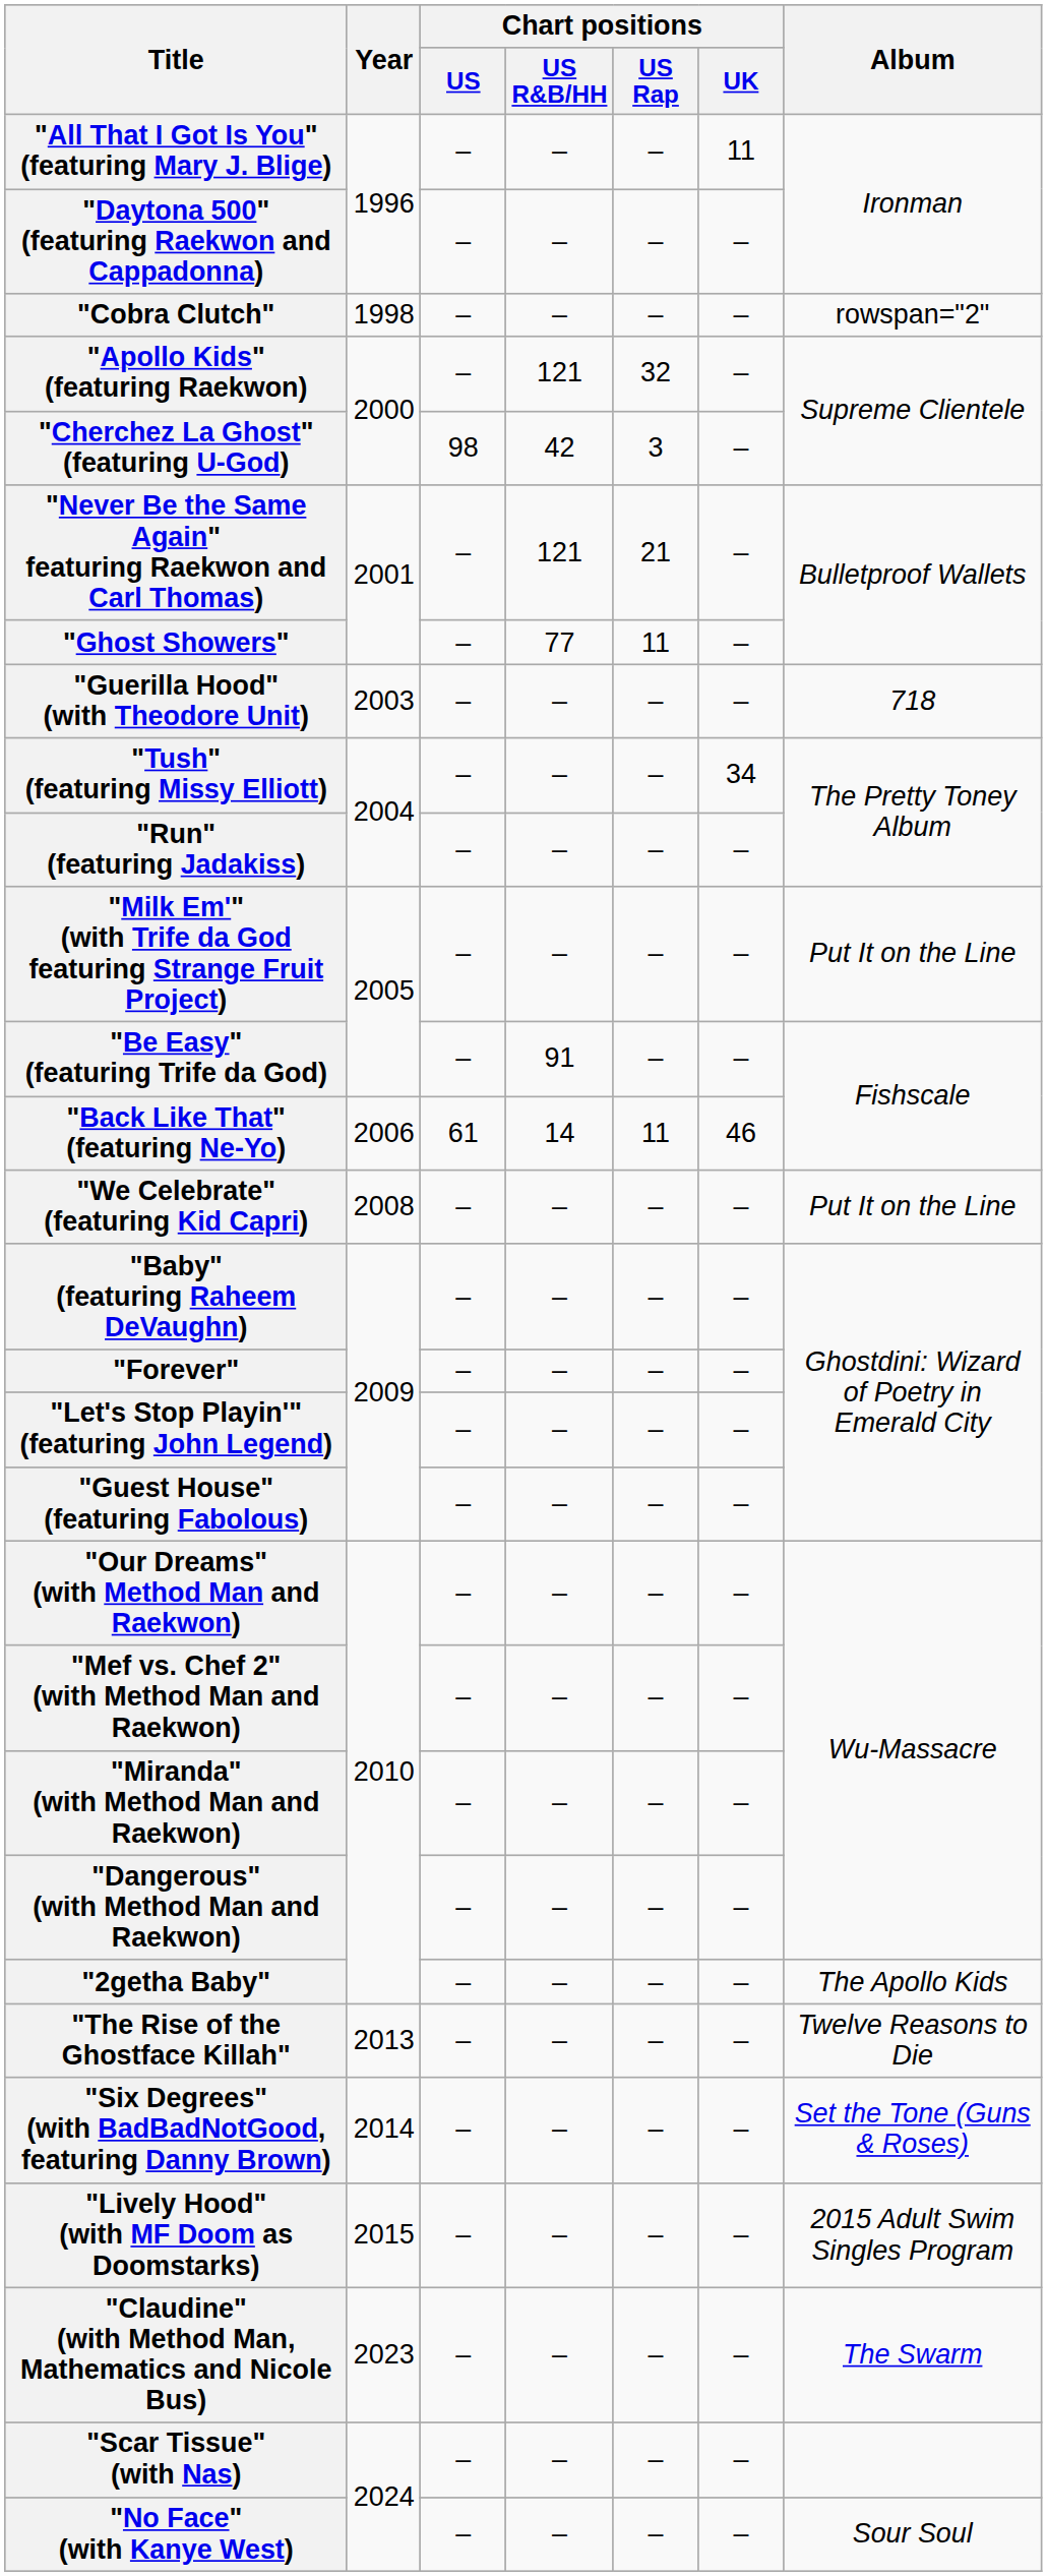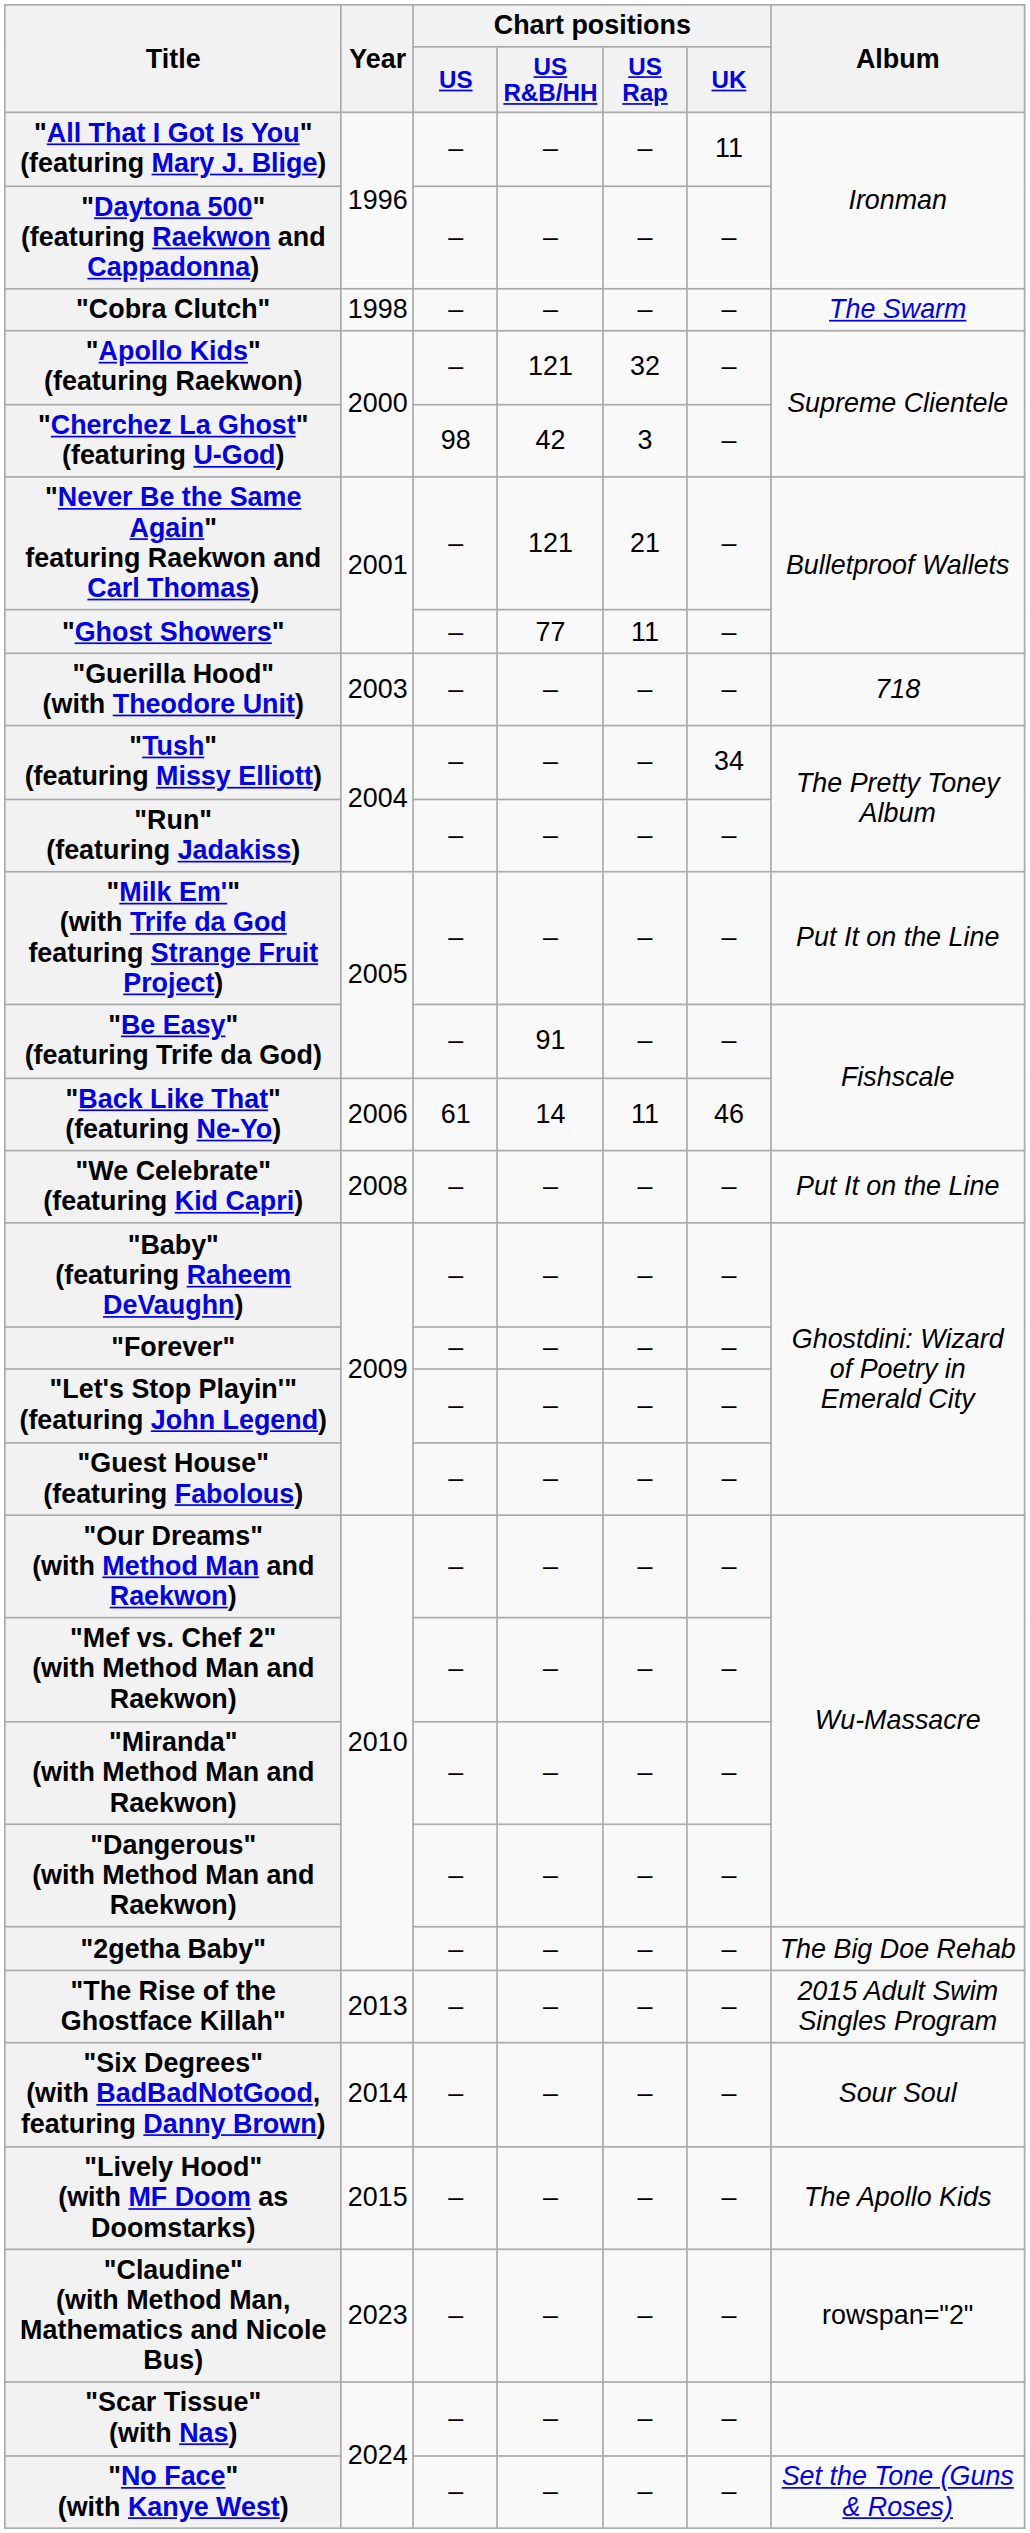 <table class="wikitable plainrowheaders" style="text-align:center">
 <tr>
 <th scope="col" rowspan="2">Title</th>
 <th scope="col" rowspan="2">Year</th>
 <th scope="col" colspan="4">Chart positions</th>
 <th scope="col" rowspan="2">Album</th>
 </tr>
 <tr>
 <th scope="col" style="width:3em;font-size:90%"><a href='#'>US</a><br></th>
 <th scope="col" style="width:3em;font-size:90%"><a href='#'>US R&B/HH</a><br></th>
 <th scope="col" style="width:3em;font-size:90%"><a href='#'>US Rap</a><br></th>
 <th scope="col" style="width:3em;font-size:90%"><a href='#'>UK</a><br></th>
 </tr>
 <tr>
 <th scope="row">"<a href='#'>All That I Got Is You</a>" <br><span>(featuring <a href='#'>Mary J. Blige</a>)</span></th>
 <td rowspan="2">1996</td>
 <td>–</td>
 <td>–</td>
 <td>–</td>
 <td>11</td>
 <td rowspan="2"><em>Ironman</em></td>
 </tr>
 <tr>
 <th scope="row">"<a href='#'>Daytona 500</a>" <br><span>(featuring <a href='#'>Raekwon</a> and <a href='#'>Cappadonna</a>)</span></th>
 <td>–</td>
 <td>–</td>
 <td>–</td>
 <td>–</td>
 </tr>
 <tr>
 <th scope="row">"Cobra Clutch"</th>
 <td>1998</td>
 <td>–</td>
 <td>–</td>
 <td>–</td>
 <td>–</td>
-<td>rowspan="2" </td>
+<td><em><a href='#'>The Swarm</a></em></td>
 </tr>
 <tr>
 <th scope="row">"<a href='#'>Apollo Kids</a>" <br><span>(featuring Raekwon)</span></th>
 <td rowspan="2">2000</td>
 <td>–</td>
 <td>121</td>
 <td>32</td>
 <td>–</td>
 <td rowspan="2"><em>Supreme Clientele</em></td>
 </tr>
 <tr>
 <th scope="row">"<a href='#'>Cherchez La Ghost</a>" <br><span>(featuring <a href='#'>U-God</a>)</span></th>
 <td>98</td>
 <td>42</td>
 <td>3</td>
 <td>–</td>
 </tr>
 <tr>
 <th scope="row">"<a href='#'>Never Be the Same Again</a>" <br><span>featuring Raekwon and <a href='#'>Carl Thomas</a>)</span></th>
 <td rowspan="2">2001</td>
 <td>–</td>
 <td>121</td>
 <td>21</td>
 <td>–</td>
 <td rowspan="2"><em>Bulletproof Wallets</em></td>
 </tr>
 <tr>
 <th scope="row">"<a href='#'>Ghost Showers</a>"</th>
 <td>–</td>
 <td>77</td>
 <td>11</td>
 <td>–</td>
 </tr>
 <tr>
 <th scope="row">"Guerilla Hood" <br><span>(with <a href='#'>Theodore Unit</a>)</span></th>
 <td>2003</td>
 <td>–</td>
 <td>–</td>
 <td>–</td>
 <td>–</td>
 <td><em>718</em></td>
 </tr>
 <tr>
 <th scope="row">"<a href='#'>Tush</a>" <br><span>(featuring <a href='#'>Missy Elliott</a>)</span></th>
 <td rowspan="2">2004</td>
 <td>–</td>
 <td>–</td>
 <td>–</td>
 <td>34</td>
 <td rowspan="2"><em>The Pretty Toney Album</em></td>
 </tr>
 <tr>
 <th scope="row">"Run" <br><span>(featuring <a href='#'>Jadakiss</a>)</span></th>
 <td>–</td>
 <td>–</td>
 <td>–</td>
 <td>–</td>
 </tr>
 <tr>
 <th scope="row">"<a href='#'>Milk Em'</a>" <br><span>(with <a href='#'>Trife da God</a> featuring <a href='#'>Strange Fruit Project</a>)</span></th>
 <td rowspan="2">2005</td>
 <td>–</td>
 <td>–</td>
 <td>–</td>
 <td>–</td>
 <td><em>Put It on the Line</em></td>
 </tr>
 <tr>
 <th scope="row">"<a href='#'>Be Easy</a>" <br><span>(featuring Trife da God)</span></th>
 <td>–</td>
 <td>91</td>
 <td>–</td>
 <td>–</td>
 <td rowspan="2"><em>Fishscale</em></td>
 </tr>
 <tr>
 <th scope="row">"<a href='#'>Back Like That</a>" <br><span>(featuring <a href='#'>Ne-Yo</a>)</span></th>
 <td>2006</td>
 <td>61</td>
 <td>14</td>
 <td>11</td>
 <td>46</td>
 </tr>
 <tr>
 <th scope="row">"We Celebrate" <br><span>(featuring <a href='#'>Kid Capri</a>)</span></th>
 <td>2008</td>
 <td>–</td>
 <td>–</td>
 <td>–</td>
 <td>–</td>
 <td><em>Put It on the Line</em></td>
 </tr>
 <tr>
 <th scope="row">"Baby" <br><span>(featuring <a href='#'>Raheem DeVaughn</a>)</span></th>
 <td rowspan="4">2009</td>
 <td>–</td>
 <td>–</td>
 <td>–</td>
 <td>–</td>
 <td rowspan="4"><em>Ghostdini: Wizard of Poetry in Emerald City</em></td>
 </tr>
 <tr>
 <th scope="row">"Forever"</th>
 <td>–</td>
 <td>–</td>
 <td>–</td>
 <td>–</td>
 </tr>
 <tr>
 <th scope="row">"Let's Stop Playin'" <br><span>(featuring <a href='#'>John Legend</a>)</span></th>
 <td>–</td>
 <td>–</td>
 <td>–</td>
 <td>–</td>
 </tr>
 <tr>
 <th scope="row">"Guest House" <br><span>(featuring <a href='#'>Fabolous</a>)</span></th>
 <td>–</td>
 <td>–</td>
 <td>–</td>
 <td>–</td>
 </tr>
 <tr>
 <th scope="row">"Our Dreams"<br><span>(with <a href='#'>Method Man</a> and <a href='#'>Raekwon</a>)</span></th>
 <td rowspan="5">2010</td>
 <td>–</td>
 <td>–</td>
 <td>–</td>
 <td>–</td>
 <td rowspan="4"><em>Wu-Massacre</em></td>
 </tr>
 <tr>
 <th scope="row">"Mef vs. Chef 2"<br><span>(with Method Man and Raekwon)</span></th>
 <td>–</td>
 <td>–</td>
 <td>–</td>
 <td>–</td>
 </tr>
 <tr>
 <th scope="row">"Miranda"<br><span>(with Method Man and Raekwon)</span></th>
 <td>–</td>
 <td>–</td>
 <td>–</td>
 <td>–</td>
 </tr>
 <tr>
 <th scope="row">"Dangerous"<br><span>(with Method Man and Raekwon)</span></th>
 <td>–</td>
 <td>–</td>
 <td>–</td>
 <td>–</td>
 </tr>
 <tr>
 <th scope="row">"2getha Baby"</th>
 <td>–</td>
 <td>–</td>
 <td>–</td>
 <td>–</td>
-<td><em>The Apollo Kids</em></td>
+<td><em>The Big Doe Rehab</em></td>
 </tr>
 <tr>
 <th scope="row">"The Rise of the Ghostface Killah"</th>
 <td>2013</td>
 <td>–</td>
 <td>–</td>
 <td>–</td>
 <td>–</td>
-<td><em>Twelve Reasons to Die</em></td>
+<td><em>2015 Adult Swim Singles Program</em></td>
 </tr>
 <tr>
 <th scope="row">"Six Degrees"<br><span>(with <a href='#'>BadBadNotGood</a>, featuring <a href='#'>Danny Brown</a>)</span></th>
 <td>2014</td>
 <td>–</td>
 <td>–</td>
 <td>–</td>
 <td>–</td>
-<td><em><a href='#'>Set the Tone (Guns & Roses)</a></em></td>
+<td><em>Sour Soul</em></td>
 </tr>
 <tr>
 <th scope="row">"Lively Hood"<br><span>(with <a href='#'>MF Doom</a> as Doomstarks)</span></th>
 <td>2015</td>
 <td>–</td>
 <td>–</td>
 <td>–</td>
 <td>–</td>
-<td><em>2015 Adult Swim Singles Program</em></td>
+<td><em>The Apollo Kids</em></td>
 </tr>
 <tr>
 <th scope="row">"Claudine"<br><span>(with Method Man, Mathematics and Nicole Bus)</span></th>
 <td>2023</td>
 <td>–</td>
 <td>–</td>
 <td>–</td>
 <td>–</td>
-<td><em><a href='#'>The Swarm</a></em></td>
+<td>rowspan="2" </td>
 </tr>
 <tr>
 <th scope="row">"Scar Tissue"<br><span>(with <a href='#'>Nas</a>)</span></th>
 <td rowspan="2">2024</td>
 <td>–</td>
 <td>–</td>
 <td>–</td>
 <td>–</td>
 </tr>
 <tr>
 <th scope="row">"<a href='#'>No Face</a>"<br><span>(with <a href='#'>Kanye West</a>)</span></th>
 <td>–</td>
 <td>–</td>
 <td>–</td>
 <td>–</td>
-<td><em>Sour Soul</em></td>
+<td><em><a href='#'>Set the Tone (Guns & Roses)</a></em></td>
 </tr>
 </table>
